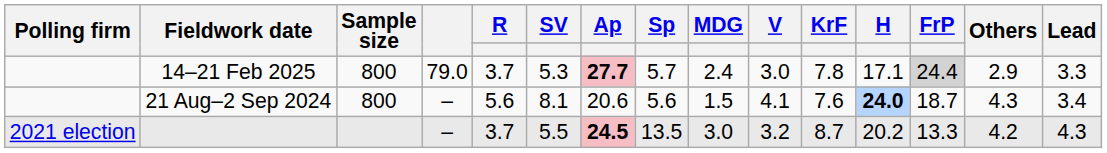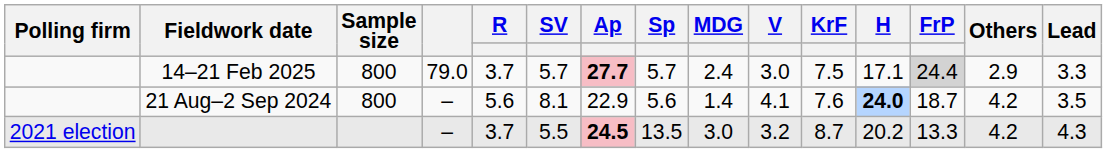 <table class="wikitable sortable mw-datatable" style="text-align:center;font-size:90%;line-height:14px;">
 <tr>
 <th rowspan="2">Polling firm</th>
 <th rowspan="2">Fieldwork date</th>
 <th rowspan="2">Sample<br>size</th>
 <th rowspan="2"></th>
 <th class="unsortable" style="width:30px;"><a href='#'>R</a></th>
 <th class="unsortable" style="width:30px;"><a href='#'>SV</a></th>
 <th class="unsortable" style="width:30px;"><a href='#'>Ap</a></th>
 <th class="unsortable" style="width:30px;"><a href='#'>Sp</a></th>
 <th class="unsortable" style="width:30px;"><a href='#'>MDG</a></th>
 <th class="unsortable" style="width:30px;"><a href='#'>V</a></th>
 <th class="unsortable" style="width:30px;"><a href='#'>KrF</a></th>
 <th class="unsortable" style="width:30px;"><a href='#'>H</a></th>
 <th class="unsortable" style="width:30px;"><a href='#'>FrP</a></th>
 <th rowspan="2" class="unsortable" style="width:30px;">Others</th>
 <th rowspan="2">Lead</th>
 </tr>
 <tr>
 <th style="background:"></th>
 <th style="background:"></th>
 <th style="background:"></th>
 <th style="background:"></th>
 <th style="background:"></th>
 <th style="background:"></th>
 <th style="background:"></th>
 <th style="background:"></th>
 <th style="background:"></th>
 </tr>
 <tr>
 <td></td>
 <td>14–21 Feb 2025</td>
 <td>800</td>
 <td>79.0</td>
 <td>3.7</td>
-<td>5.3</td>
+<td>5.7</td>
 <td style="background:#F7BDC5;"><strong>27.7</strong></td>
 <td>5.7</td>
 <td>2.4</td>
 <td>3.0</td>
-<td>7.8</td>
+<td>7.5</td>
 <td>17.1</td>
 <td style="background: lightgrey;">24.4</td>
 <td>2.9</td>
 <td style="background:">3.3</td>
 </tr>
 <tr>
 <td></td>
 <td>21 Aug–2 Sep 2024</td>
 <td>800</td>
 <td>–</td>
 <td>5.6</td>
 <td>8.1</td>
-<td>20.6</td>
+<td>22.9</td>
 <td>5.6</td>
-<td>1.5</td>
+<td>1.4</td>
 <td>4.1</td>
 <td>7.6</td>
 <td style="background:#B5D5FF;"><strong>24.0</strong></td>
 <td>18.7</td>
-<td>4.3</td>
-<td style="background:">3.4</td>
+<td>4.2</td>
+<td style="background:">3.5</td>
 </tr>
 <tr style="background:#E9E9E9;">
 <td><a href='#'>2021 election</a></td>
 <td></td>
 <td></td>
 <td>–</td>
 <td>3.7</td>
 <td>5.5</td>
 <td style="background:#F7BDC5;"><strong>24.5</strong></td>
 <td>13.5</td>
 <td>3.0</td>
 <td>3.2</td>
 <td>8.7</td>
 <td>20.2</td>
 <td>13.3</td>
 <td>4.2</td>
 <td style="background:">4.3</td>
 </tr>
 </table>
